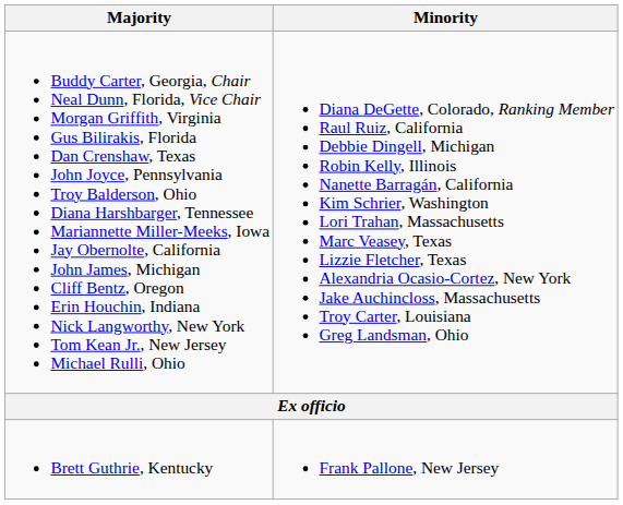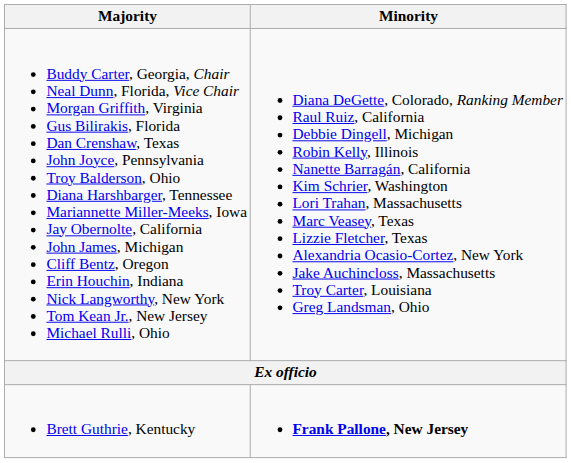 <table class=wikitable>
 <tr>
 <th>Majority</th>
 <th>Minority</th>
 </tr>
 <tr>
 <td><br><ul><li><a href='#'>Buddy Carter</a>, Georgia, <em>Chair</em></li><li><a href='#'>Neal Dunn</a>, Florida, <em>Vice Chair</em></li><li><a href='#'>Morgan Griffith</a>, Virginia</li><li><a href='#'>Gus Bilirakis</a>, Florida</li><li><a href='#'>Dan Crenshaw</a>, Texas</li><li><a href='#'>John Joyce</a>, Pennsylvania</li><li><a href='#'>Troy Balderson</a>, Ohio</li><li><a href='#'>Diana Harshbarger</a>, Tennessee</li><li><a href='#'>Mariannette Miller-Meeks</a>, Iowa</li><li><a href='#'>Jay Obernolte</a>, California</li><li><a href='#'>John James</a>, Michigan</li><li><a href='#'>Cliff Bentz</a>, Oregon</li><li><a href='#'>Erin Houchin</a>, Indiana</li><li><a href='#'>Nick Langworthy</a>, New York</li><li><a href='#'>Tom Kean Jr.</a>, New Jersey</li><li><a href='#'>Michael Rulli</a>, Ohio</li></ul></td>
 <td><br><ul><li><a href='#'>Diana DeGette</a>, Colorado, <em>Ranking Member</em></li><li><a href='#'>Raul Ruiz</a>, California</li><li><a href='#'>Debbie Dingell</a>, Michigan</li><li><a href='#'>Robin Kelly</a>, Illinois</li><li><a href='#'>Nanette Barragán</a>, California</li><li><a href='#'>Kim Schrier</a>, Washington</li><li><a href='#'>Lori Trahan</a>, Massachusetts</li><li><a href='#'>Marc Veasey</a>, Texas</li><li><a href='#'>Lizzie Fletcher</a>, Texas</li><li><a href='#'>Alexandria Ocasio-Cortez</a>, New York</li><li><a href='#'>Jake Auchincloss</a>, Massachusetts</li><li><a href='#'>Troy Carter</a>, Louisiana</li><li><a href='#'>Greg Landsman</a>, Ohio</li></ul></td>
 </tr>
 <tr>
 <th colspan=2><em>Ex officio</em></th>
 </tr>
 <tr>
 <td><br><ul><li><a href='#'>Brett Guthrie</a>, Kentucky</li></ul></td>
-<td><br><ul><li><a href='#'>Frank Pallone</a>, New Jersey</li></ul></td>
+<td><strong><br><ul><li><a href='#'>Frank Pallone</a>, New Jersey</li></ul></strong></td>
 </tr>
 </table>
